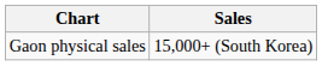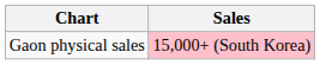 <table class="wikitable">
 <tr>
 <th>Chart</th>
 <th>Sales</th>
 </tr>
 <tr>
 <td>Gaon physical sales</td>
-<td align="center">15,000+ (South Korea)</td>
+<td align="center" style="background: pink;">15,000+ (South Korea)</td>
 </tr>
 </table>
